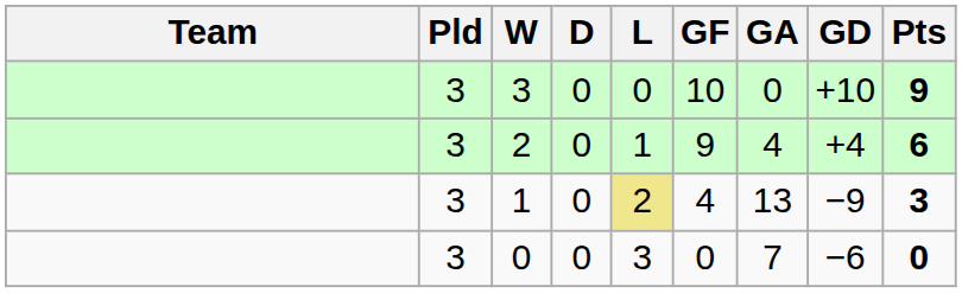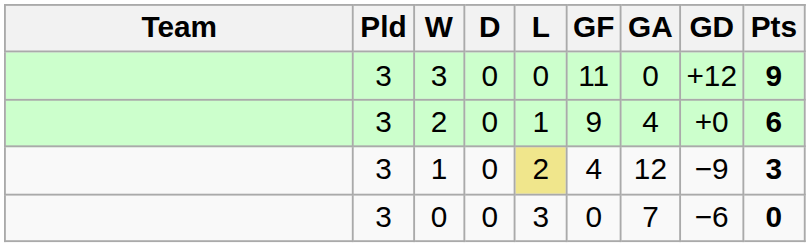 <table class="wikitable" style="text-align:center;">
 <tr>
 <th width=180>Team</th>
 <th width=20>Pld</th>
 <th width=20>W</th>
 <th width=20>D</th>
 <th width=20>L</th>
 <th width=20>GF</th>
 <th width=20>GA</th>
 <th width=20>GD</th>
 <th width=20>Pts</th>
 </tr>
 <tr bgcolor=ccffcc>
 <td align="left"></td>
 <td>3</td>
 <td>3</td>
 <td>0</td>
 <td>0</td>
-<td>10</td>
+<td>11</td>
 <td>0</td>
-<td>+10</td>
+<td>+12</td>
 <td><strong>9</strong></td>
 </tr>
 <tr bgcolor=ccffcc>
 <td align="left"></td>
 <td>3</td>
 <td>2</td>
 <td>0</td>
 <td>1</td>
 <td>9</td>
 <td>4</td>
-<td>+4</td>
+<td>+0</td>
 <td><strong>6</strong></td>
 </tr>
 <tr>
 <td align="left"><em></em></td>
 <td>3</td>
 <td>1</td>
 <td>0</td>
 <td style="background: khaki;">2</td>
 <td>4</td>
-<td>13</td>
+<td>12</td>
 <td>−9</td>
 <td><strong>3</strong></td>
 </tr>
 <tr>
 <td align="left"></td>
 <td>3</td>
 <td>0</td>
 <td>0</td>
 <td>3</td>
 <td>0</td>
 <td>7</td>
 <td>−6</td>
 <td><strong>0</strong></td>
 </tr>
 </table>
